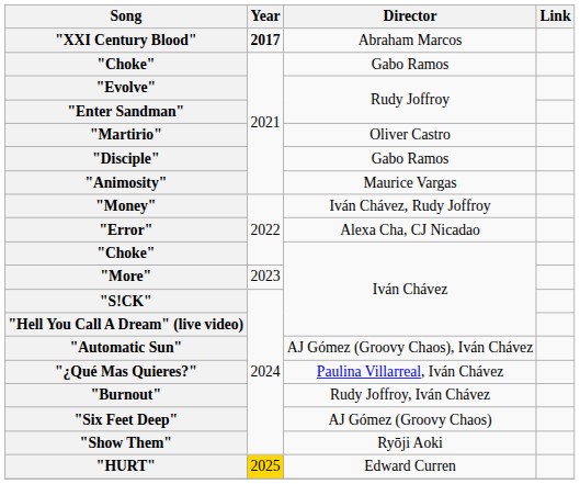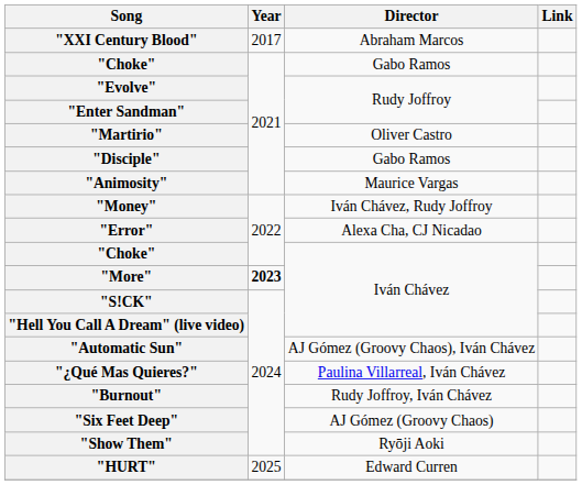 <table class="wikitable plainrowheaders">
 <tr>
 <th scope="col">Song</th>
 <th scope="col">Year</th>
 <th scope="col">Director</th>
 <th scope="col">Link</th>
 </tr>
 <tr>
 <th scope="row">"XXI Century Blood"</th>
-<td><strong>2017</strong></td>
+<td>2017</td>
 <td align="center">Abraham Marcos</td>
 <td></td>
 </tr>
 <tr>
 <th scope="row">"Choke"</th>
 <td rowspan="6">2021</td>
 <td align="center">Gabo Ramos</td>
 <td></td>
 </tr>
 <tr>
 <th scope="row">"Evolve"</th>
 <td rowspan="2" align="center">Rudy Joffroy</td>
 <td></td>
 </tr>
 <tr>
 <th scope="row">"Enter Sandman"</th>
 <td></td>
 </tr>
 <tr>
 <th scope="row">"Martirio"</th>
 <td align="center">Oliver Castro</td>
 <td></td>
 </tr>
 <tr>
 <th scope="row">"Disciple"</th>
 <td align="center">Gabo Ramos</td>
 <td></td>
 </tr>
 <tr>
 <th scope="row">"Animosity"</th>
 <td align="center">Maurice Vargas</td>
 <td></td>
 </tr>
 <tr>
 <th scope="row">"Money"</th>
 <td rowspan="3">2022</td>
 <td align="center">Iván Chávez, Rudy Joffroy</td>
 <td></td>
 </tr>
 <tr>
 <th scope="row">"Error"</th>
 <td align="center">Alexa Cha, CJ Nicadao</td>
 <td></td>
 </tr>
 <tr>
 <th scope="row">"Choke"<br> </th>
 <td rowspan="4" align="center">Iván Chávez</td>
 <td></td>
 </tr>
 <tr>
 <th scope="row">"More"</th>
-<td>2023</td>
+<td><strong>2023</strong></td>
 <td></td>
 </tr>
 <tr>
 <th scope="row">"S!CK"</th>
 <td rowspan="7">2024</td>
 <td></td>
 </tr>
 <tr>
 <th scope="row">"Hell You Call A Dream" (live video)</th>
 <td></td>
 </tr>
 <tr>
 <th scope="row">"Automatic Sun"</th>
 <td align="center">AJ Gómez (Groovy Chaos), Iván Chávez</td>
 <td></td>
 </tr>
 <tr>
 <th scope="row">"¿Qué Mas Quieres?"</th>
 <td align="center"><a href='#'>Paulina Villarreal</a>, Iván Chávez</td>
 <td></td>
 </tr>
 <tr>
 <th scope="row">"Burnout"</th>
 <td align="center">Rudy Joffroy, Iván Chávez</td>
 <td></td>
 </tr>
 <tr>
 <th scope="row">"Six Feet Deep"</th>
 <td align="center">AJ Gómez (Groovy Chaos)</td>
 <td></td>
 </tr>
 <tr>
 <th scope="row">"Show Them" </th>
 <td align="center">Ryōji Aoki</td>
 <td></td>
 </tr>
 <tr>
 <th scope="row">"HURT" </th>
-<td style="background: gold;">2025</td>
+<td>2025</td>
 <td align="center">Edward Curren</td>
 <td></td>
 </tr>
 <tr>
 </tr>
 </table>
